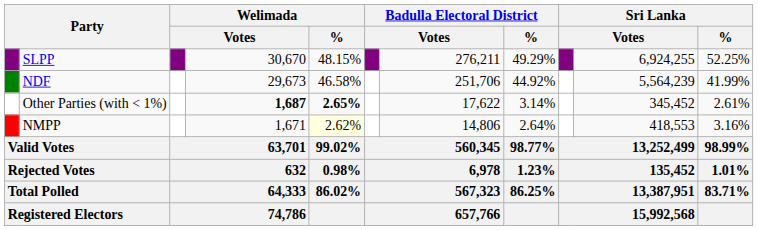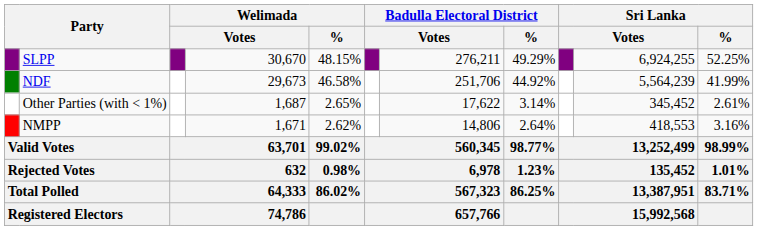 <table class="wikitable">
 <tr>
 <th colspan="2" width="144px"rowspan="2">Party</th>
 <th colspan="3" width="216px">Welimada</th>
 <th colspan="3" width="216px"><a href='#'>Badulla Electoral District</a></th>
 <th colspan="3" width="216px">Sri Lanka</th>
 </tr>
 <tr>
 <th colspan="2" width="144px">Votes</th>
 <th>%</th>
 <th colspan="2" width="144px">Votes</th>
 <th>%</th>
 <th colspan="2" width="144px">Votes</th>
 <th>%</th>
 </tr>
 <tr>
 <td style="background-color:purple;" width="10px"></td>
 <td style="text-align:left;"><a href='#'>SLPP</a></td>
 <td style="background-color:purple;" width="10px"></td>
 <td style="text-align:right;">30,670</td>
 <td style="text-align:right;">48.15%</td>
 <td style="background-color:purple;" width="10px"></td>
 <td style="text-align:right;">276,211</td>
 <td style="text-align:right;">49.29%</td>
 <td style="background-color:purple;" width="10px"></td>
 <td style="text-align:right;">6,924,255</td>
 <td style="text-align:right;">52.25%</td>
 </tr>
 <tr>
 <td style="background-color:green;" width="10px"></td>
 <td style="text-align:left;"><a href='#'>NDF</a></td>
 <td style="background-color:white;" width="10px"></td>
 <td style="text-align:right;">29,673</td>
 <td style="text-align:right;">46.58%</td>
 <td style="background-color:white;" width="10px"></td>
 <td style="text-align:right;">251,706</td>
 <td style="text-align:right;">44.92%</td>
 <td style="background-color:white;" width="10px"></td>
 <td style="text-align:right;">5,564,239</td>
 <td style="text-align:right;">41.99%</td>
 </tr>
 <tr>
 <td style="background-color:white;" width="10px"></td>
 <td style="text-align:left;">Other Parties (with < 1%)</td>
 <td style="background-color:white;" width="10px"></td>
-<td style="text-align:right;"><strong>1,687</strong></td>
-<td style="text-align:right;"><strong>2.65%</strong></td>
+<td style="text-align:right;">1,687</td>
+<td style="text-align:right;">2.65%</td>
 <td style="background-color:white;" width="10px"></td>
 <td style="text-align:right;">17,622</td>
 <td style="text-align:right;">3.14%</td>
 <td style="background-color:white;" width="10px"></td>
 <td style="text-align:right;">345,452</td>
 <td style="text-align:right;">2.61%</td>
 </tr>
 <tr>
 <td style="background-color:red;" width="10px"></td>
 <td style="text-align:left;">NMPP</td>
 <td style="background-color:white;" width="10px"></td>
 <td style="text-align:right;">1,671</td>
-<td style="background: lightyellow; text-align:right;">2.62%</td>
+<td style="text-align:right;">2.62%</td>
 <td style="background-color:white;" width="10px"></td>
 <td style="text-align:right;">14,806</td>
 <td style="text-align:right;">2.64%</td>
 <td style="background-color:white;" width="10px"></td>
 <td style="text-align:right;">418,553</td>
 <td style="text-align:right;">3.16%</td>
 </tr>
 <tr>
 <th colspan="2" width="144px"style="text-align:left;">Valid Votes</th>
 <th style="text-align:right;"colspan="2" width="144px">63,701</th>
 <th style="text-align:right;">99.02%</th>
 <th style="text-align:right;"colspan="2" width="144px">560,345</th>
 <th style="text-align:right;">98.77%</th>
 <th style="text-align:right;"colspan="2" width="144px">13,252,499</th>
 <th style="text-align:right;">98.99%</th>
 </tr>
 <tr>
 <th colspan="2" width="144px"style="text-align:left;">Rejected Votes</th>
 <th style="text-align:right;"colspan="2" width="144px">632</th>
 <th style="text-align:right;">0.98%</th>
 <th style="text-align:right;"colspan="2" width="144px">6,978</th>
 <th style="text-align:right;">1.23%</th>
 <th style="text-align:right;"colspan="2" width="144px">135,452</th>
 <th style="text-align:right;">1.01%</th>
 </tr>
 <tr>
 <th colspan="2" width="144px"style="text-align:left;">Total Polled</th>
 <th style="text-align:right;"colspan="2" width="144px">64,333</th>
 <th style="text-align:right;">86.02%</th>
 <th style="text-align:right;"colspan="2" width="144px">567,323</th>
 <th style="text-align:right;">86.25%</th>
 <th style="text-align:right;"colspan="2" width="144px">13,387,951</th>
 <th style="text-align:right;">83.71%</th>
 </tr>
 <tr>
 <th colspan="2" width="144px"style="text-align:left;">Registered Electors</th>
 <th style="text-align:right;"colspan="2" width="144px">74,786</th>
 <th></th>
 <th style="text-align:right;"colspan="2" width="144px">657,766</th>
 <th></th>
 <th style="text-align:right;"colspan="2" width="144px">15,992,568</th>
 <th></th>
 </tr>
 </table>
